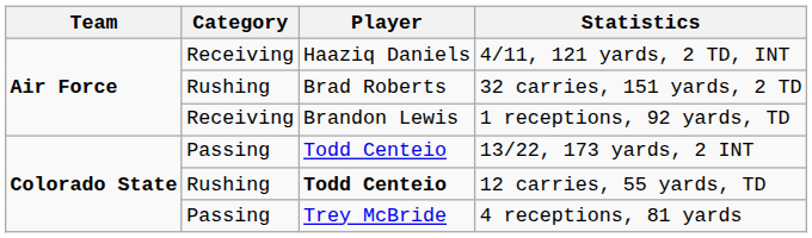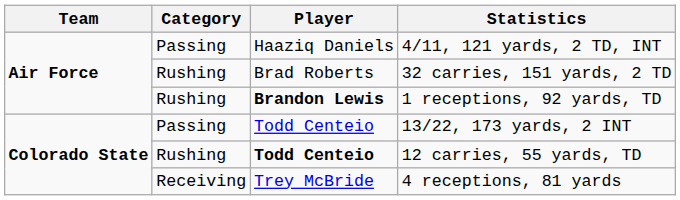 <table class="wikitable" style="float: left;">
 <tr>
 <th>Team</th>
 <th>Category</th>
 <th>Player</th>
 <th>Statistics</th>
 </tr>
 <tr>
 <td rowspan=3><strong>Air Force</strong></td>
-<td>Receiving</td>
+<td>Passing</td>
 <td>Haaziq Daniels</td>
 <td>4/11, 121 yards, 2 TD, INT</td>
 </tr>
 <tr>
 <td>Rushing</td>
 <td>Brad Roberts</td>
 <td>32 carries, 151 yards, 2 TD</td>
 </tr>
 <tr>
-<td>Receiving</td>
-<td>Brandon Lewis</td>
+<td>Rushing</td>
+<td><strong>Brandon Lewis</strong></td>
 <td>1 receptions, 92 yards, TD</td>
 </tr>
 <tr>
 <td rowspan=3><strong>Colorado State</strong></td>
 <td>Passing</td>
 <td><a href='#'>Todd Centeio</a></td>
 <td>13/22, 173 yards, 2 INT</td>
 </tr>
 <tr>
 <td>Rushing</td>
 <td><strong>Todd Centeio</strong></td>
 <td>12 carries, 55 yards, TD</td>
 </tr>
 <tr>
-<td>Passing</td>
+<td>Receiving</td>
 <td><a href='#'>Trey McBride</a></td>
 <td>4 receptions, 81 yards</td>
 </tr>
 </table>
